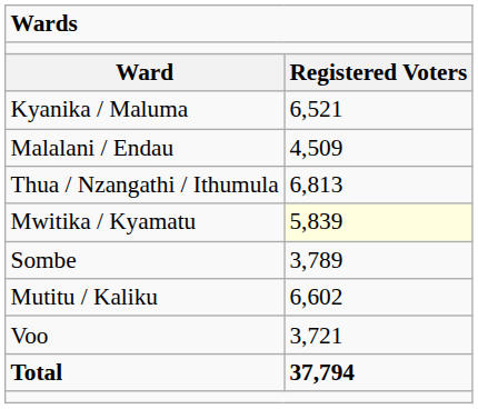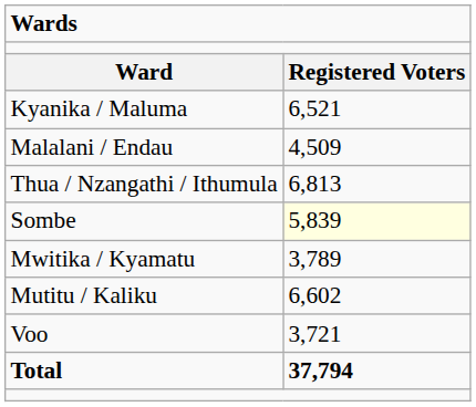 <table class="wikitable">
 <tr>
 <td colspan="2"><strong>Wards</strong></td>
 </tr>
 <tr>
 <td colspan="2"></td>
 </tr>
 <tr>
 <th>Ward</th>
 <th>Registered Voters</th>
 </tr>
 <tr>
 <td>Kyanika / Maluma</td>
 <td>6,521</td>
 </tr>
 <tr>
 <td>Malalani / Endau</td>
 <td>4,509</td>
 </tr>
 <tr>
 <td>Thua / Nzangathi / Ithumula</td>
 <td>6,813</td>
 </tr>
 <tr>
-<td>Mwitika / Kyamatu</td>
+<td>Sombe</td>
 <td style="background: lightyellow;">5,839</td>
 </tr>
 <tr>
-<td>Sombe</td>
+<td>Mwitika / Kyamatu</td>
 <td>3,789</td>
 </tr>
 <tr>
 <td>Mutitu / Kaliku</td>
 <td>6,602</td>
 </tr>
 <tr>
 <td>Voo</td>
 <td>3,721</td>
 </tr>
 <tr>
 <td><strong>Total</strong></td>
 <td><strong>37,794</strong></td>
 </tr>
 <tr>
 <td colspan="2"></td>
 </tr>
 </table>
